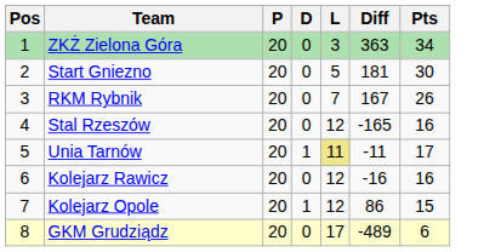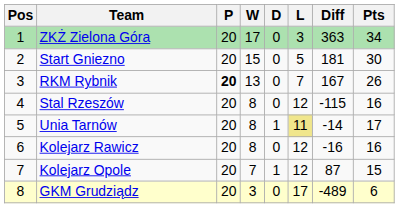 <table class="wikitable" style="font-size: 100%">
 <tr>
 <th width=20>Pos</th>
 <th width=200>Team</th>
 <th width=20>P</th>
+<th width=20>W</th>
 <th width=20>D</th>
 <th width=20>L</th>
 <th width=40>Diff</th>
 <th width=40>Pts</th>
 </tr>
 <tr align=center style="background:#ACE1AF;">
 <td>1</td>
 <td align="left"><a href='#'>ZKŻ Zielona Góra</a></td>
 <td>20</td>
+<td>17</td>
 <td>0</td>
 <td>3</td>
 <td>363</td>
 <td>34</td>
 </tr>
 <tr align=center>
 <td>2</td>
 <td align="left"><a href='#'>Start Gniezno</a></td>
 <td>20</td>
+<td>15</td>
 <td>0</td>
 <td>5</td>
 <td>181</td>
 <td>30</td>
 </tr>
 <tr align=center>
 <td>3</td>
 <td align="left"><a href='#'>RKM Rybnik</a></td>
-<td>20</td>
+<td><strong>20</strong></td>
+<td>13</td>
 <td>0</td>
 <td>7</td>
 <td>167</td>
 <td>26</td>
 </tr>
 <tr align=center>
 <td>4</td>
 <td align="left"><a href='#'>Stal Rzeszów</a></td>
 <td>20</td>
+<td>8</td>
 <td>0</td>
 <td>12</td>
-<td>-165</td>
+<td>-115</td>
 <td>16</td>
 </tr>
 <tr align=center>
 <td>5</td>
 <td align="left"><a href='#'>Unia Tarnów</a></td>
 <td>20</td>
+<td>8</td>
 <td>1</td>
 <td style="background: khaki;">11</td>
-<td>-11</td>
+<td>-14</td>
 <td>17</td>
 </tr>
 <tr align=center>
 <td>6</td>
 <td align="left"><a href='#'>Kolejarz Rawicz</a></td>
 <td>20</td>
+<td>8</td>
 <td>0</td>
 <td>12</td>
 <td>-16</td>
 <td>16</td>
 </tr>
 <tr align=center>
 <td>7</td>
 <td align="left"><a href='#'>Kolejarz Opole</a></td>
 <td>20</td>
+<td>7</td>
 <td>1</td>
 <td>12</td>
-<td>86</td>
+<td>87</td>
 <td>15</td>
 </tr>
 <tr align=center style="background: #ffffcc;">
 <td>8</td>
 <td align="left"><a href='#'>GKM Grudziądz</a></td>
 <td>20</td>
+<td>3</td>
 <td>0</td>
 <td>17</td>
 <td>-489</td>
 <td>6</td>
 </tr>
 </table>
